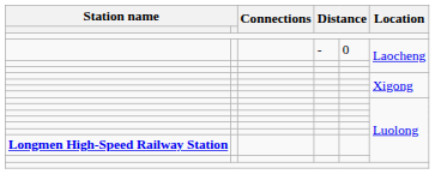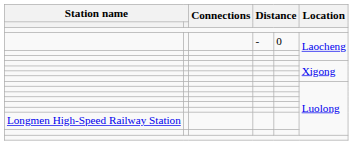 <table class="wikitable">
 <tr>
 <th colspan="2">Station name</th>
 <th rowspan="2">Connections</th>
 <th colspan="2" rowspan="2">Distance<br></th>
 <th rowspan="2">Location</th>
 </tr>
 <tr>
 <th></th>
 <th></th>
 </tr>
 <tr style="background:#">
 <td colspan = "6"></td>
 </tr>
 <tr>
 <td></td>
 <td></td>
 <td></td>
 <td>-</td>
 <td>0</td>
 <td rowspan="3"><a href='#'>Laocheng</a></td>
 </tr>
 <tr>
 <td></td>
 <td></td>
 <td></td>
 <td></td>
 <td></td>
 </tr>
 <tr>
 <td></td>
 <td></td>
 <td></td>
 <td></td>
 <td></td>
 </tr>
 <tr>
 <td></td>
 <td></td>
 <td></td>
 <td></td>
 <td></td>
 <td rowspan="4"><a href='#'>Xigong</a></td>
 </tr>
 <tr>
 <td></td>
 <td></td>
 <td></td>
 <td></td>
 <td></td>
 </tr>
 <tr>
 <td></td>
 <td></td>
 <td></td>
 <td></td>
 <td></td>
 </tr>
 <tr>
 <td></td>
 <td></td>
 <td></td>
 <td></td>
 <td></td>
 </tr>
 <tr>
 <td></td>
 <td></td>
 <td></td>
 <td></td>
 <td></td>
 <td rowspan="8"><a href='#'>Luolong</a></td>
 </tr>
 <tr>
 <td></td>
 <td></td>
 <td></td>
 <td></td>
 <td></td>
 </tr>
 <tr>
 <td></td>
 <td></td>
 <td></td>
 <td></td>
 <td></td>
 </tr>
 <tr>
 <td></td>
 <td></td>
 <td></td>
 <td></td>
 <td></td>
 </tr>
 <tr>
 <td></td>
 <td></td>
 <td></td>
 <td></td>
 <td></td>
 </tr>
 <tr>
 <td></td>
 <td></td>
 <td></td>
 <td></td>
 <td></td>
 </tr>
 <tr>
-<td><strong><a href='#'>Longmen High-Speed Railway Station</a></strong></td>
+<td><a href='#'>Longmen High-Speed Railway Station</a></td>
 <td></td>
 <td></td>
 <td></td>
 <td></td>
 </tr>
 <tr>
 <td></td>
 <td></td>
 <td></td>
 <td></td>
 <td></td>
 </tr>
 <tr style="background:#">
 <td colspan = "6"></td>
 </tr>
 </table>
